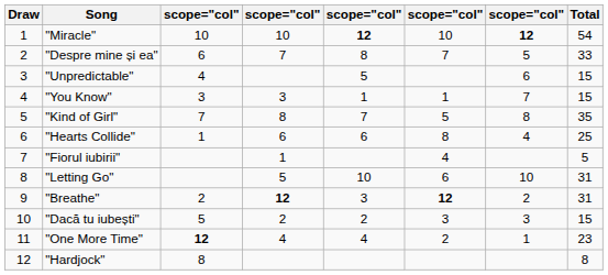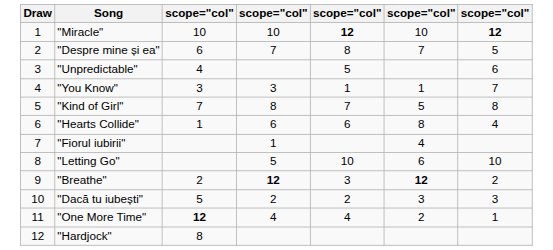 <table class="wikitable collapsible" style="margin: 1em auto 1em auto; text-align:center;">
 <tr>
 <th>Draw</th>
 <th>Song</th>
 <th>scope="col" </th>
 <th>scope="col" </th>
 <th>scope="col" </th>
 <th>scope="col" </th>
 <th>scope="col" </th>
-<th>Total</th>
 </tr>
 <tr>
 <td>1</td>
 <td align="left">"Miracle"</td>
 <td>10</td>
 <td>10</td>
 <td><strong>12</strong></td>
 <td>10</td>
 <td><strong>12</strong></td>
-<td>54</td>
 </tr>
 <tr>
 <td>2</td>
 <td align="left">"Despre mine și ea"</td>
 <td>6</td>
 <td>7</td>
 <td>8</td>
 <td>7</td>
 <td>5</td>
-<td>33</td>
 </tr>
 <tr>
 <td>3</td>
 <td align="left">"Unpredictable"</td>
 <td>4</td>
 <td></td>
 <td>5</td>
 <td></td>
 <td>6</td>
-<td>15</td>
 </tr>
 <tr>
 <td>4</td>
 <td align="left">"You Know"</td>
 <td>3</td>
 <td>3</td>
 <td>1</td>
 <td>1</td>
 <td>7</td>
-<td>15</td>
 </tr>
 <tr>
 <td>5</td>
 <td align="left">"Kind of Girl"</td>
 <td>7</td>
 <td>8</td>
 <td>7</td>
 <td>5</td>
 <td>8</td>
-<td>35</td>
 </tr>
 <tr>
 <td>6</td>
 <td align="left">"Hearts Collide"</td>
 <td>1</td>
 <td>6</td>
 <td>6</td>
 <td>8</td>
 <td>4</td>
-<td>25</td>
 </tr>
 <tr>
 <td>7</td>
 <td align="left">"Fiorul iubirii"</td>
 <td></td>
 <td>1</td>
 <td></td>
 <td>4</td>
 <td></td>
-<td>5</td>
 </tr>
 <tr>
 <td>8</td>
 <td align="left">"Letting Go"</td>
 <td></td>
 <td>5</td>
 <td>10</td>
 <td>6</td>
 <td>10</td>
-<td>31</td>
 </tr>
 <tr>
 <td>9</td>
 <td align="left">"Breathe"</td>
 <td>2</td>
 <td><strong>12</strong></td>
 <td>3</td>
 <td><strong>12</strong></td>
 <td>2</td>
-<td>31</td>
 </tr>
 <tr>
 <td>10</td>
 <td align="left">"Dacă tu iubești"</td>
 <td>5</td>
 <td>2</td>
 <td>2</td>
 <td>3</td>
 <td>3</td>
-<td>15</td>
 </tr>
 <tr>
 <td>11</td>
 <td align="left">"One More Time"</td>
 <td><strong>12</strong></td>
 <td>4</td>
 <td>4</td>
 <td>2</td>
 <td>1</td>
-<td>23</td>
 </tr>
 <tr>
 <td>12</td>
 <td align="left">"Hardjock"</td>
 <td>8</td>
 <td></td>
 <td></td>
 <td></td>
 <td></td>
-<td>8</td>
 </tr>
 </table>
